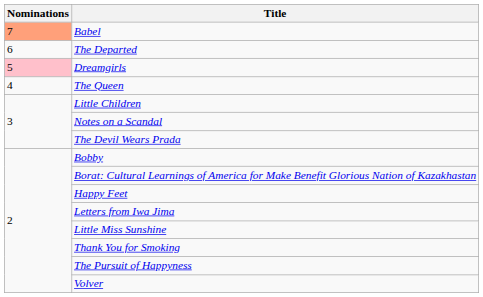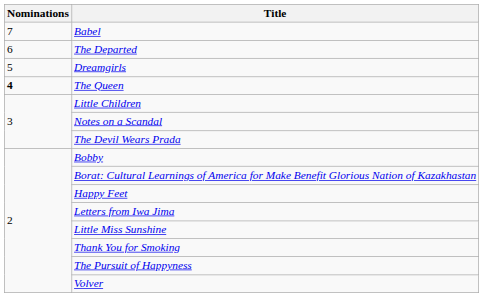 <table class="wikitable">
 <tr>
 <th>Nominations</th>
 <th>Title</th>
 </tr>
 <tr>
-<td style="background: lightsalmon;">7</td>
+<td>7</td>
 <td><em><a href='#'>Babel</a></em></td>
 </tr>
 <tr>
 <td>6</td>
 <td><em><a href='#'>The Departed</a></em></td>
 </tr>
 <tr>
-<td style="background: pink;">5</td>
+<td>5</td>
 <td><em><a href='#'>Dreamgirls</a></em></td>
 </tr>
 <tr>
-<td>4</td>
+<td><strong>4</strong></td>
 <td><em><a href='#'>The Queen</a></em></td>
 </tr>
 <tr>
 <td rowspan="3">3</td>
 <td><em><a href='#'>Little Children</a></em></td>
 </tr>
 <tr>
 <td><em><a href='#'>Notes on a Scandal</a></em></td>
 </tr>
 <tr>
 <td><em><a href='#'>The Devil Wears Prada</a></em></td>
 </tr>
 <tr>
 <td rowspan="8">2</td>
 <td><em><a href='#'>Bobby</a></em></td>
 </tr>
 <tr>
 <td><em><a href='#'>Borat: Cultural Learnings of America for Make Benefit Glorious Nation of Kazakhastan</a></em></td>
 </tr>
 <tr>
 <td><em><a href='#'>Happy Feet</a></em></td>
 </tr>
 <tr>
 <td><em><a href='#'>Letters from Iwa Jima</a></em></td>
 </tr>
 <tr>
 <td><em><a href='#'>Little Miss Sunshine</a></em></td>
 </tr>
 <tr>
 <td><em><a href='#'>Thank You for Smoking</a></em></td>
 </tr>
 <tr>
 <td><em><a href='#'>The Pursuit of Happyness</a></em></td>
 </tr>
 <tr>
 <td><em><a href='#'>Volver</a></em></td>
 </tr>
 </table>
